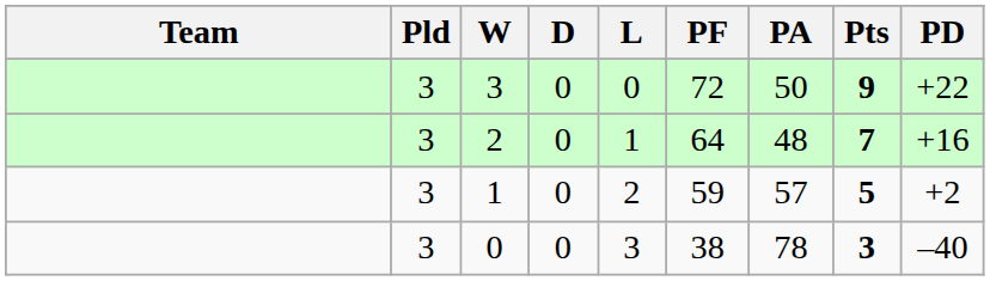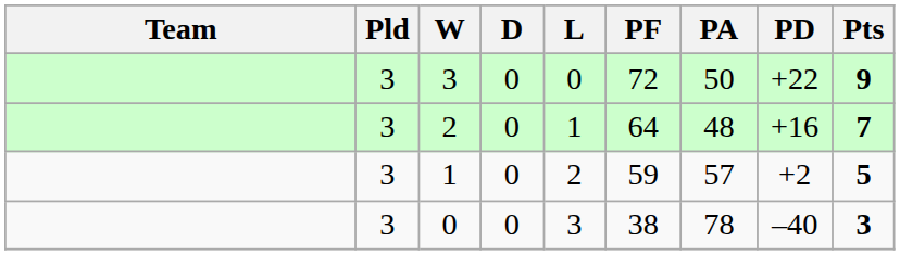 <table class="wikitable" style="text-align:center;">
 <tr>
 <th width=175>Team</th>
 <th width=25 abbr="Played">Pld</th>
 <th width=25 abbr="Won">W</th>
 <th width=25 abbr="Drawn">D</th>
 <th width=25 abbr="Lost">L</th>
 <th width=32 abbr="Points for">PF</th>
 <th width=32 abbr="Points against">PA</th>
+<th width=32 abbr="Points difference">PD</th>
 <th width=25 abbr="Points">Pts</th>
-<th width=32 abbr="Points difference">PD</th>
 </tr>
 <tr bgcolor=ccffcc>
 <td align=left></td>
 <td>3</td>
 <td>3</td>
 <td>0</td>
 <td>0</td>
 <td>72</td>
 <td>50</td>
+<td>+22</td>
 <td><strong>9</strong></td>
-<td>+22</td>
 </tr>
 <tr bgcolor=ccffcc>
 <td align=left></td>
 <td>3</td>
 <td>2</td>
 <td>0</td>
 <td>1</td>
 <td>64</td>
 <td>48</td>
+<td>+16</td>
 <td><strong>7</strong></td>
-<td>+16</td>
 </tr>
 <tr>
 <td align=left></td>
 <td>3</td>
 <td>1</td>
 <td>0</td>
 <td>2</td>
 <td>59</td>
 <td>57</td>
+<td>+2</td>
 <td><strong>5</strong></td>
-<td>+2</td>
 </tr>
 <tr>
 <td align=left></td>
 <td>3</td>
 <td>0</td>
 <td>0</td>
 <td>3</td>
 <td>38</td>
 <td>78</td>
+<td>–40</td>
 <td><strong>3</strong></td>
-<td>–40</td>
 </tr>
 </table>
